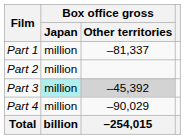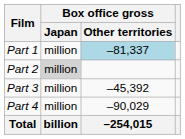 <table class="wikitable plainrowheaders unsortable" style="text-align:center;">
 <tr>
 <th rowspan="2">Film</th>
 <th colspan="2">Box office gross</th>
 <th rowspan="2"></th>
 </tr>
 <tr>
 <th>Japan</th>
 <th>Other territories</th>
 </tr>
 <tr>
 <td><em>Part 1</em></td>
 <td>million</td>
-<td>–81,337</td>
+<td style="background: lightblue;">–81,337</td>
 <td></td>
 </tr>
 <tr>
 <td><em>Part 2</em></td>
-<td>million</td>
+<td style="background: lightgrey;">million</td>
 <td></td>
 <td></td>
 </tr>
 <tr>
 <td><em>Part 3</em></td>
-<td style="background: paleturquoise;">million</td>
-<td style="background: lightgrey;">–45,392</td>
+<td>million</td>
+<td>–45,392</td>
 <td></td>
 </tr>
 <tr>
 <td><em>Part 4</em></td>
 <td>million</td>
 <td>–90,029</td>
 <td></td>
 </tr>
 <tr>
 <th>Total</th>
 <th>billion</th>
 <th>–254,015</th>
 <th></th>
 </tr>
 </table>
